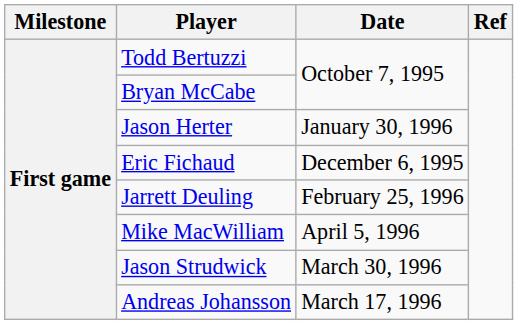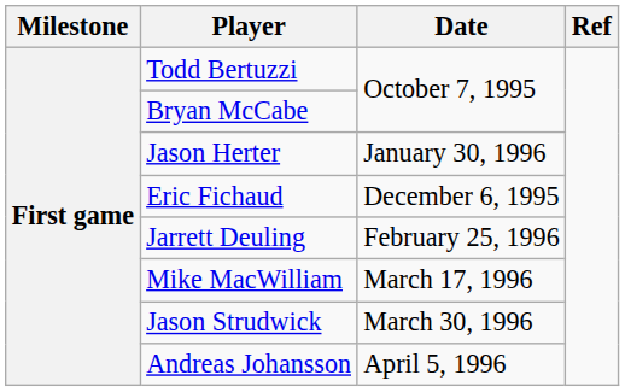 <table class="wikitable">
 <tr>
 <th scope="col">Milestone</th>
 <th scope="col">Player</th>
 <th scope="col">Date</th>
 <th scope="col">Ref</th>
 </tr>
 <tr>
 <th rowspan=8>First game</th>
 <td><a href='#'>Todd Bertuzzi</a></td>
 <td rowspan=2>October 7, 1995</td>
 <td rowspan=8></td>
 </tr>
 <tr>
 <td><a href='#'>Bryan McCabe</a></td>
 </tr>
 <tr>
 <td><a href='#'>Jason Herter</a></td>
 <td>January 30, 1996</td>
 </tr>
 <tr>
 <td><a href='#'>Eric Fichaud</a></td>
 <td>December 6, 1995</td>
 </tr>
 <tr>
 <td><a href='#'>Jarrett Deuling</a></td>
 <td>February 25, 1996</td>
 </tr>
 <tr>
 <td><a href='#'>Mike MacWilliam</a></td>
-<td>April 5, 1996</td>
+<td>March 17, 1996</td>
 </tr>
 <tr>
 <td><a href='#'>Jason Strudwick</a></td>
 <td>March 30, 1996</td>
 </tr>
 <tr>
 <td><a href='#'>Andreas Johansson</a></td>
-<td>March 17, 1996</td>
+<td>April 5, 1996</td>
 </tr>
 </table>
